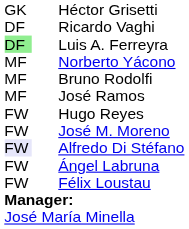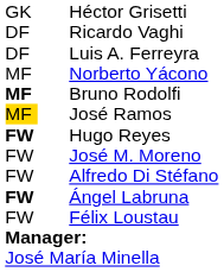 <table cellspacing="0" cellpadding="0" style="font-size:90%; margin:0.2em auto;">
 <tr>
 <th width="25"></th>
 <th width="25"></th>
 </tr>
 <tr>
 <td>GK</td>
 <td></td>
 <td> Héctor Grisetti</td>
 </tr>
 <tr>
 <td>DF</td>
 <td></td>
 <td> Ricardo Vaghi</td>
 </tr>
 <tr>
-<td style="background: lightgreen;">DF</td>
+<td>DF</td>
 <td></td>
 <td> Luis A. Ferreyra</td>
 </tr>
 <tr>
 <td>MF</td>
 <td></td>
 <td> <a href='#'>Norberto Yácono</a></td>
 </tr>
 <tr>
-<td>MF</td>
+<td><strong>MF</strong></td>
 <td></td>
 <td> Bruno Rodolfi</td>
 </tr>
 <tr>
-<td>MF</td>
+<td style="background: gold;">MF</td>
 <td></td>
 <td> José Ramos</td>
 </tr>
 <tr>
-<td>FW</td>
+<td><strong>FW</strong></td>
 <td></td>
 <td> Hugo Reyes</td>
 </tr>
 <tr>
 <td>FW</td>
 <td></td>
 <td> <a href='#'>José M. Moreno</a></td>
 </tr>
 <tr>
-<td style="background: lavender;">FW</td>
+<td>FW</td>
 <td></td>
 <td> <a href='#'>Alfredo Di Stéfano</a></td>
 </tr>
 <tr>
-<td>FW</td>
+<td><strong>FW</strong></td>
 <td></td>
 <td> <a href='#'>Ángel Labruna</a></td>
 </tr>
 <tr>
 <td>FW</td>
 <td></td>
 <td> <a href='#'>Félix Loustau</a></td>
 </tr>
 <tr>
 <td colspan=3><strong>Manager:</strong></td>
 </tr>
 <tr>
 <td colspan=4> <a href='#'>José María Minella</a></td>
 </tr>
 </table>
